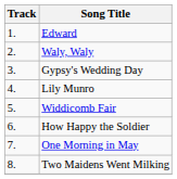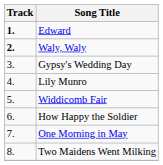 <table class="wikitable" style="font-size:95%;">
 <tr>
 <th>Track</th>
 <th>Song Title</th>
 </tr>
 <tr>
-<td>1.</td>
+<td><strong>1.</strong></td>
 <td><a href='#'>Edward</a></td>
 </tr>
 <tr>
-<td>2.</td>
+<td><strong>2.</strong></td>
 <td><a href='#'>Waly, Waly</a></td>
 </tr>
 <tr>
 <td>3.</td>
 <td>Gypsy's Wedding Day</td>
 </tr>
 <tr>
 <td>4.</td>
 <td>Lily Munro</td>
 </tr>
 <tr>
 <td>5.</td>
 <td><a href='#'>Widdicomb Fair</a></td>
 </tr>
 <tr>
 <td>6.</td>
 <td>How Happy the Soldier</td>
 </tr>
 <tr>
 <td>7.</td>
 <td><a href='#'>One Morning in May</a></td>
 </tr>
 <tr>
 <td>8.</td>
 <td>Two Maidens Went Milking</td>
 </tr>
 <tr>
 </tr>
 </table>
